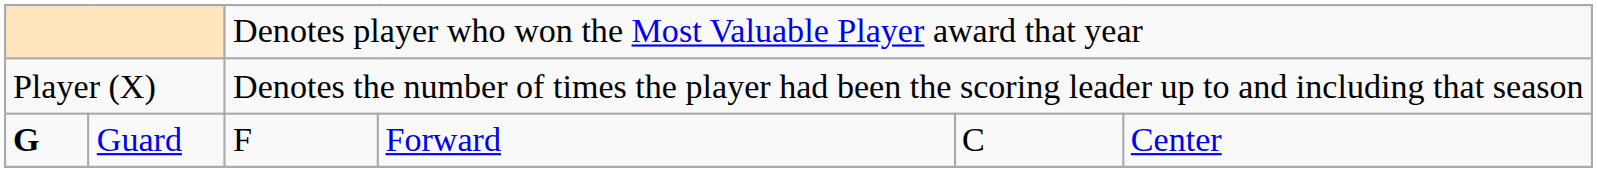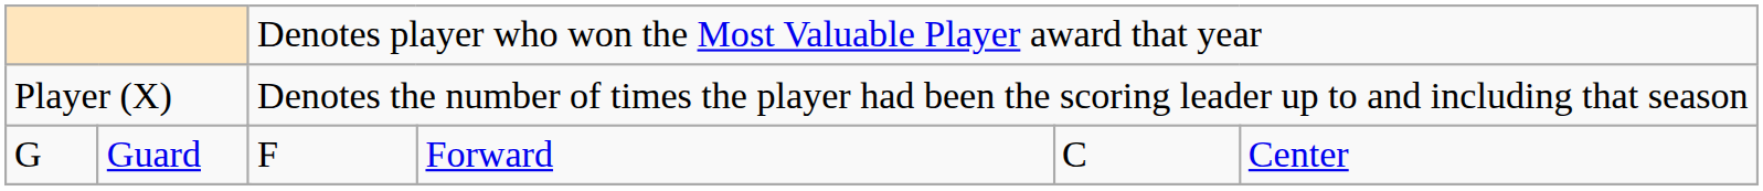 <table class="wikitable">
 <tr>
 <td style="background-color:#FFE6BD; border:1px solid #aaaaaa; width:6em" colspan=2></td>
 <td colspan=5>Denotes player who won the <a href='#'>Most Valuable Player</a> award that year</td>
 </tr>
 <tr>
 <td colspan=2>Player (X)</td>
 <td colspan=5>Denotes the number of times the player had been the scoring leader up to and including that season</td>
 </tr>
 <tr>
-<td style="width:2em"><strong>G</strong></td>
+<td style="width:2em">G</td>
 <td colspan=2><a href='#'>Guard</a></td>
 <td>F</td>
 <td><a href='#'>Forward</a></td>
 <td>C</td>
 <td><a href='#'>Center</a></td>
 </tr>
 <tr>
 </tr>
 </table>
